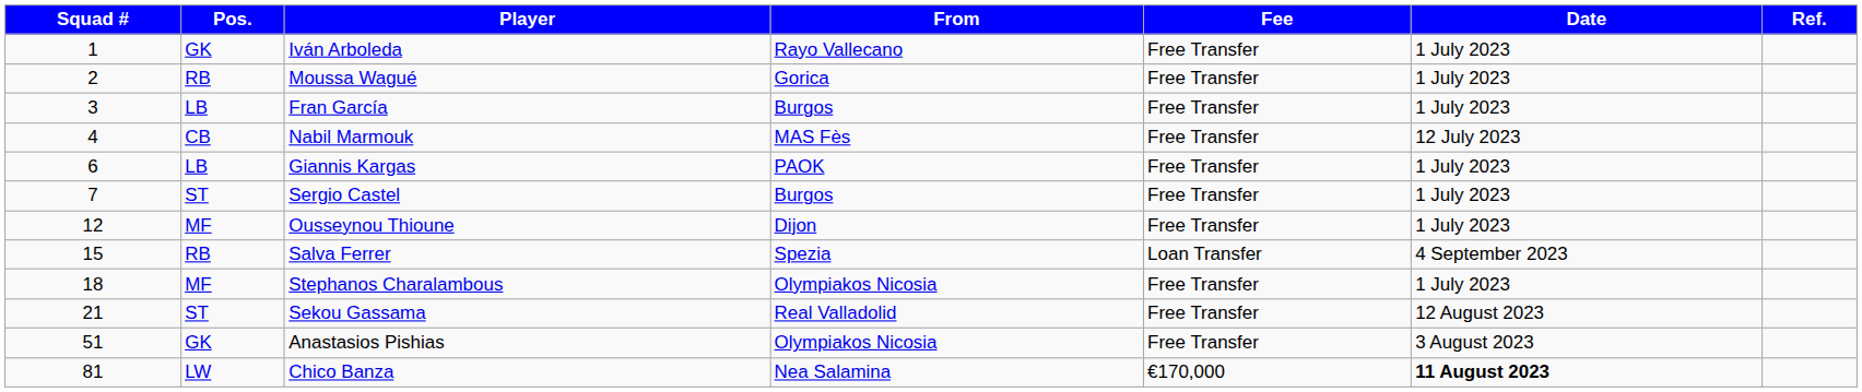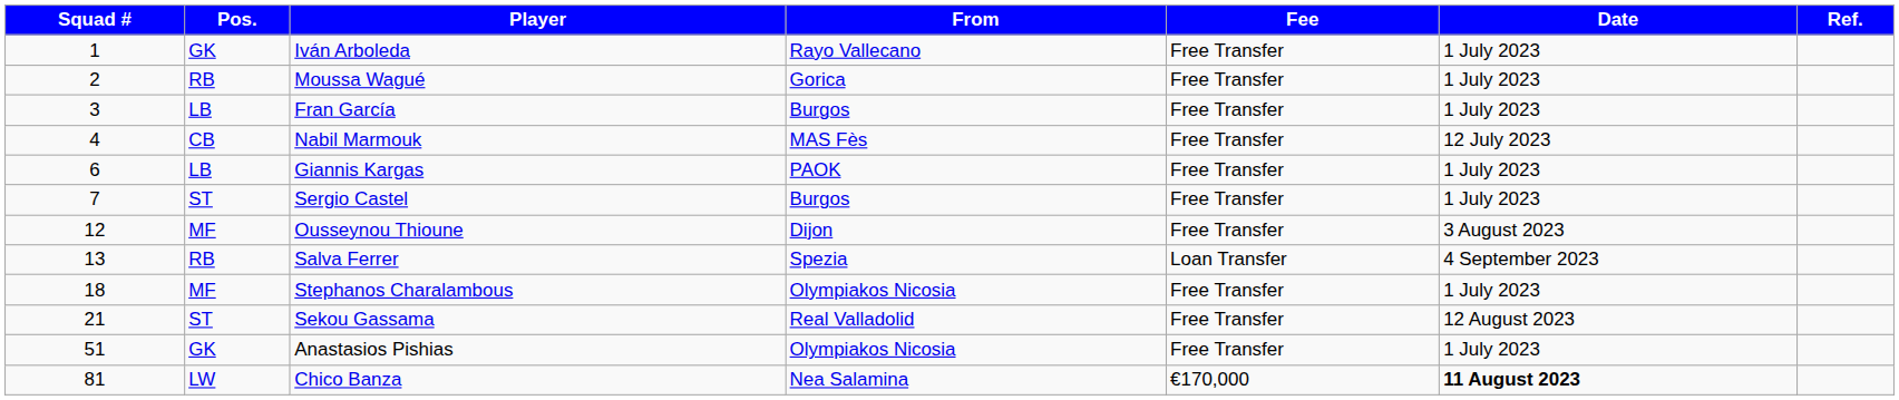 <table class="wikitable sortable" style="width:101%; text-align:center; font-size:100%; text-align:left;">
 <tr>
 <th style="background:#0000FF; color:#FFFFFF; ">Squad #</th>
 <th style="background:#0000FF; color:#FFFFFF; ">Pos.</th>
 <th style="background:#0000FF; color:#FFFFFF; ">Player</th>
 <th style="background:#0000FF; color:#FFFFFF; ">From</th>
 <th style="background:#0000FF; color:#FFFFFF; ">Fee</th>
 <th style="background:#0000FF; color:#FFFFFF; ">Date</th>
 <th style="background:#0000FF; color:#FFFFFF; ">Ref.</th>
 </tr>
 <tr>
 <td align="center">1</td>
 <td><a href='#'>GK</a></td>
 <td> <a href='#'>Iván Arboleda</a></td>
 <td> <a href='#'>Rayo Vallecano</a></td>
 <td>Free Transfer</td>
 <td>1 July 2023</td>
 <td></td>
 </tr>
 <tr>
 <td align="center">2</td>
 <td><a href='#'>RB</a></td>
 <td> <a href='#'>Moussa Wagué</a></td>
 <td> <a href='#'>Gorica</a></td>
 <td>Free Transfer</td>
 <td>1 July 2023</td>
 <td></td>
 </tr>
 <tr>
 <td align="center">3</td>
 <td><a href='#'>LB</a></td>
 <td> <a href='#'>Fran García</a></td>
 <td> <a href='#'>Burgos</a></td>
 <td>Free Transfer</td>
 <td>1 July 2023</td>
 <td></td>
 </tr>
 <tr>
 <td align="center">4</td>
 <td><a href='#'>CB</a></td>
 <td> <a href='#'>Nabil Marmouk</a></td>
 <td> <a href='#'>MAS Fès</a></td>
 <td>Free Transfer</td>
 <td>12 July 2023</td>
 <td></td>
 </tr>
 <tr>
 <td align="center">6</td>
 <td><a href='#'>LB</a></td>
 <td> <a href='#'>Giannis Kargas</a></td>
 <td> <a href='#'>PAOK</a></td>
 <td>Free Transfer</td>
 <td>1 July 2023</td>
 <td></td>
 </tr>
 <tr>
 <td align="center">7</td>
 <td><a href='#'>ST</a></td>
 <td> <a href='#'>Sergio Castel</a></td>
 <td> <a href='#'>Burgos</a></td>
 <td>Free Transfer</td>
 <td>1 July 2023</td>
 <td></td>
 </tr>
 <tr>
 <td align="center">12</td>
 <td><a href='#'>MF</a></td>
 <td> <a href='#'>Ousseynou Thioune</a></td>
 <td> <a href='#'>Dijon</a></td>
 <td>Free Transfer</td>
-<td>1 July 2023</td>
+<td>3 August 2023</td>
 <td></td>
 </tr>
 <tr>
-<td align="center">15</td>
+<td align="center">13</td>
 <td><a href='#'>RB</a></td>
 <td> <a href='#'>Salva Ferrer</a></td>
 <td> <a href='#'>Spezia</a></td>
 <td>Loan Transfer</td>
 <td>4 September 2023</td>
 <td></td>
 </tr>
 <tr>
 <td align="center">18</td>
 <td><a href='#'>MF</a></td>
 <td> <a href='#'>Stephanos Charalambous</a></td>
 <td> <a href='#'>Olympiakos Nicosia</a></td>
 <td>Free Transfer</td>
 <td>1 July 2023</td>
 <td></td>
 </tr>
 <tr>
 <td align="center">21</td>
 <td><a href='#'>ST</a></td>
 <td> <a href='#'>Sekou Gassama</a></td>
 <td> <a href='#'>Real Valladolid</a></td>
 <td>Free Transfer</td>
 <td>12 August 2023</td>
 <td></td>
 </tr>
 <tr>
 <td align="center">51</td>
 <td><a href='#'>GK</a></td>
 <td> Anastasios Pishias</td>
 <td> <a href='#'>Olympiakos Nicosia</a></td>
 <td>Free Transfer</td>
-<td>3 August 2023</td>
+<td>1 July 2023</td>
 <td></td>
 </tr>
 <tr>
 <td align="center">81</td>
 <td><a href='#'>LW</a></td>
 <td> <a href='#'>Chico Banza</a></td>
 <td> <a href='#'>Nea Salamina</a></td>
 <td>€170,000</td>
 <td><strong>11 August 2023</strong></td>
 <td></td>
 </tr>
 </table>
